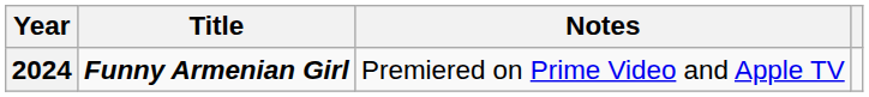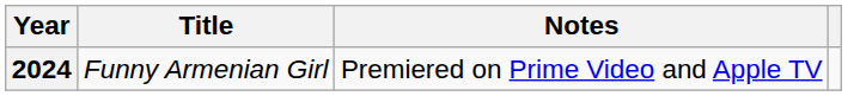 <table class="wikitable plainrowheaders sortable" style="margin-right: 0;">
 <tr>
 <th scope="col">Year</th>
 <th scope="col">Title</th>
 <th scope="col" class="unsortable">Notes</th>
 <th scope="col" class="unsortable"></th>
 </tr>
 <tr>
 <th scope="row">2024</th>
-<td><strong><em>Funny Armenian Girl</em></strong></td>
+<td><em>Funny Armenian Girl</em></td>
 <td rowspan="2">Premiered on <a href='#'>Prime Video</a> and <a href='#'>Apple TV</a></td>
 <td style="text-align:center;"></td>
 </tr>
 </table>
